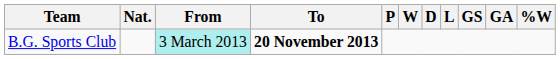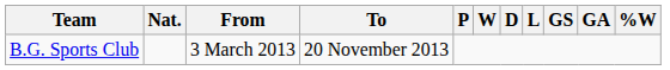 <table class="wikitable sortable" style="text-align: center">
 <tr>
 <th>Team</th>
 <th>Nat.</th>
 <th class="unsortable">From</th>
 <th class="unsortable">To</th>
 <th abbr="1">P</th>
 <th abbr="1">W</th>
 <th abbr="0">D</th>
 <th abbr="1">L</th>
 <th abbr="2">GS</th>
 <th abbr="4">GA</th>
 <th abbr="50">%W</th>
 </tr>
 <tr>
 <td align=left><a href='#'>B.G. Sports Club</a></td>
 <td align=left></td>
-<td align=left style="background: paleturquoise;">3 March 2013</td>
-<td align=left><strong>20 November 2013<br></strong></td>
+<td align=left>3 March 2013</td>
+<td align=left>20 November 2013<br></td>
 </tr>
 </table>
